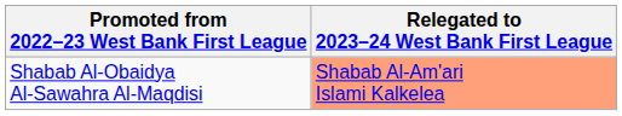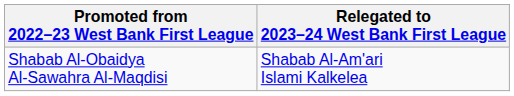 <table class="wikitable">
 <tr>
 <th>Promoted from<br><a href='#'>2022–23 West Bank First League</a></th>
 <th>Relegated to<br><a href='#'>2023–24 West Bank First League</a></th>
 </tr>
 <tr>
 <td><a href='#'>Shabab Al-Obaidya</a> <br> <a href='#'>Al-Sawahra Al-Maqdisi</a></td>
-<td style="background: lightsalmon;"><a href='#'>Shabab Al-Am'ari</a> <br> <a href='#'>Islami Kalkelea</a></td>
+<td><a href='#'>Shabab Al-Am'ari</a> <br> <a href='#'>Islami Kalkelea</a></td>
 </tr>
 </table>
